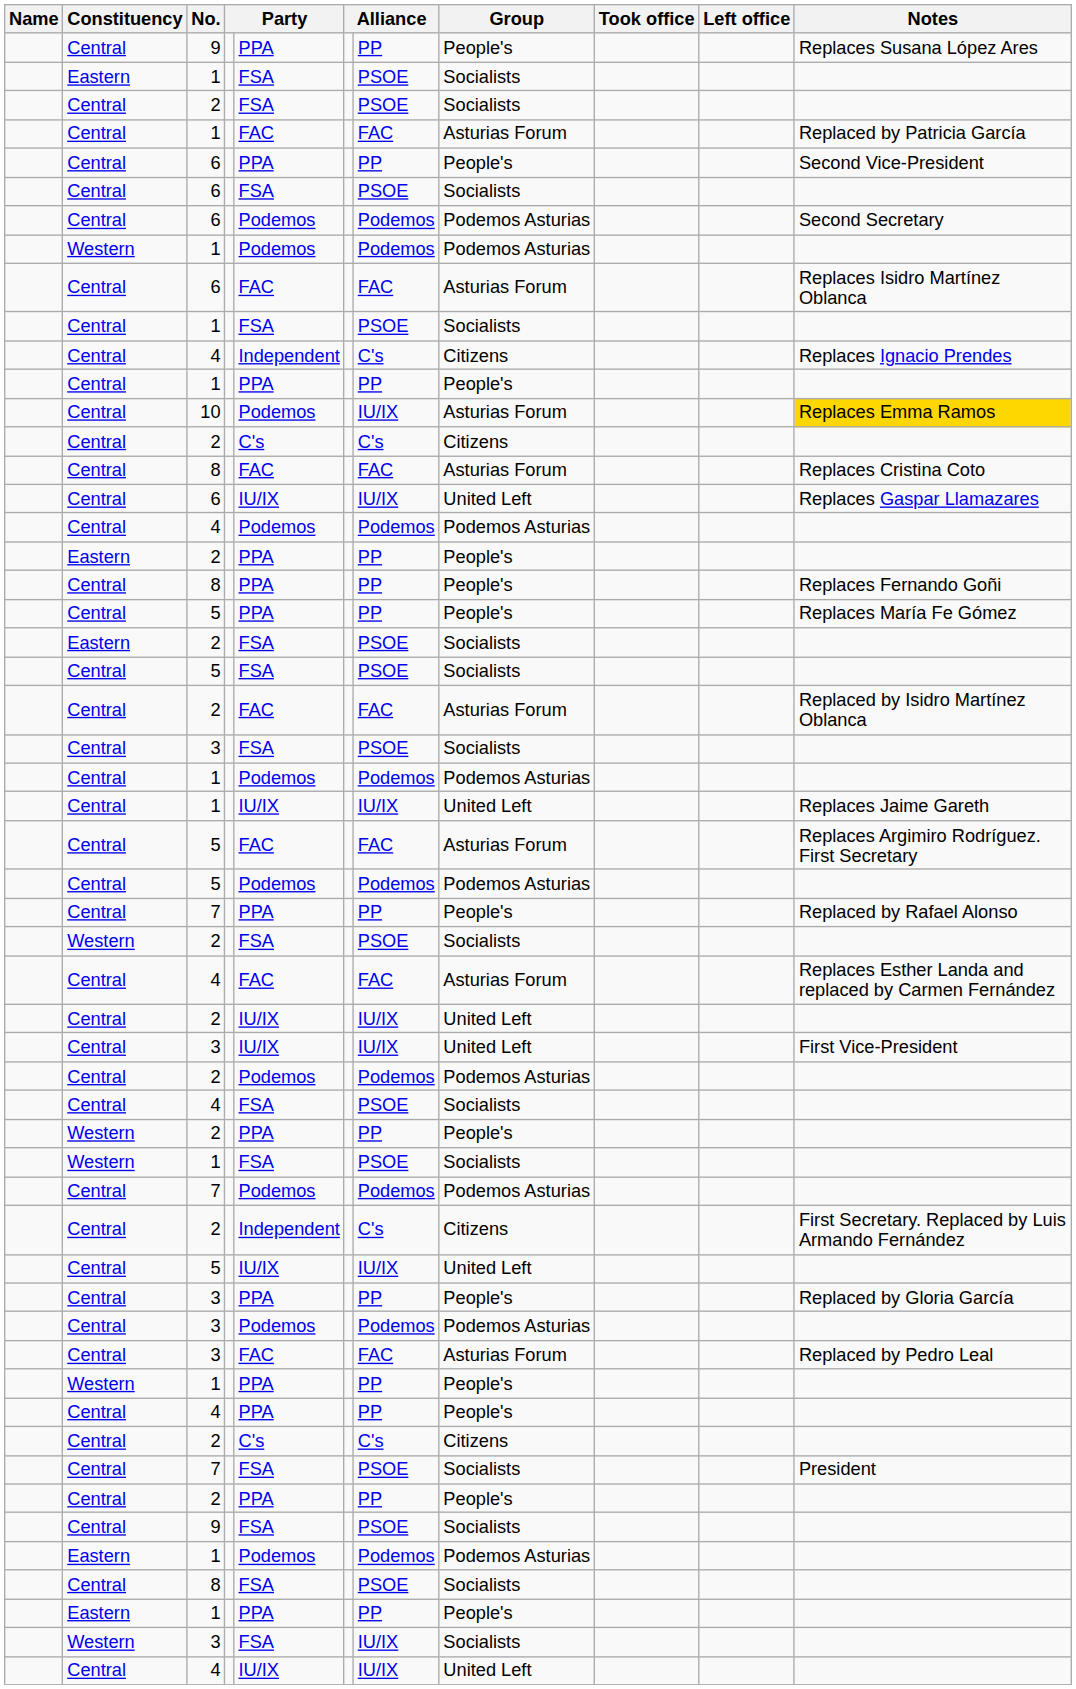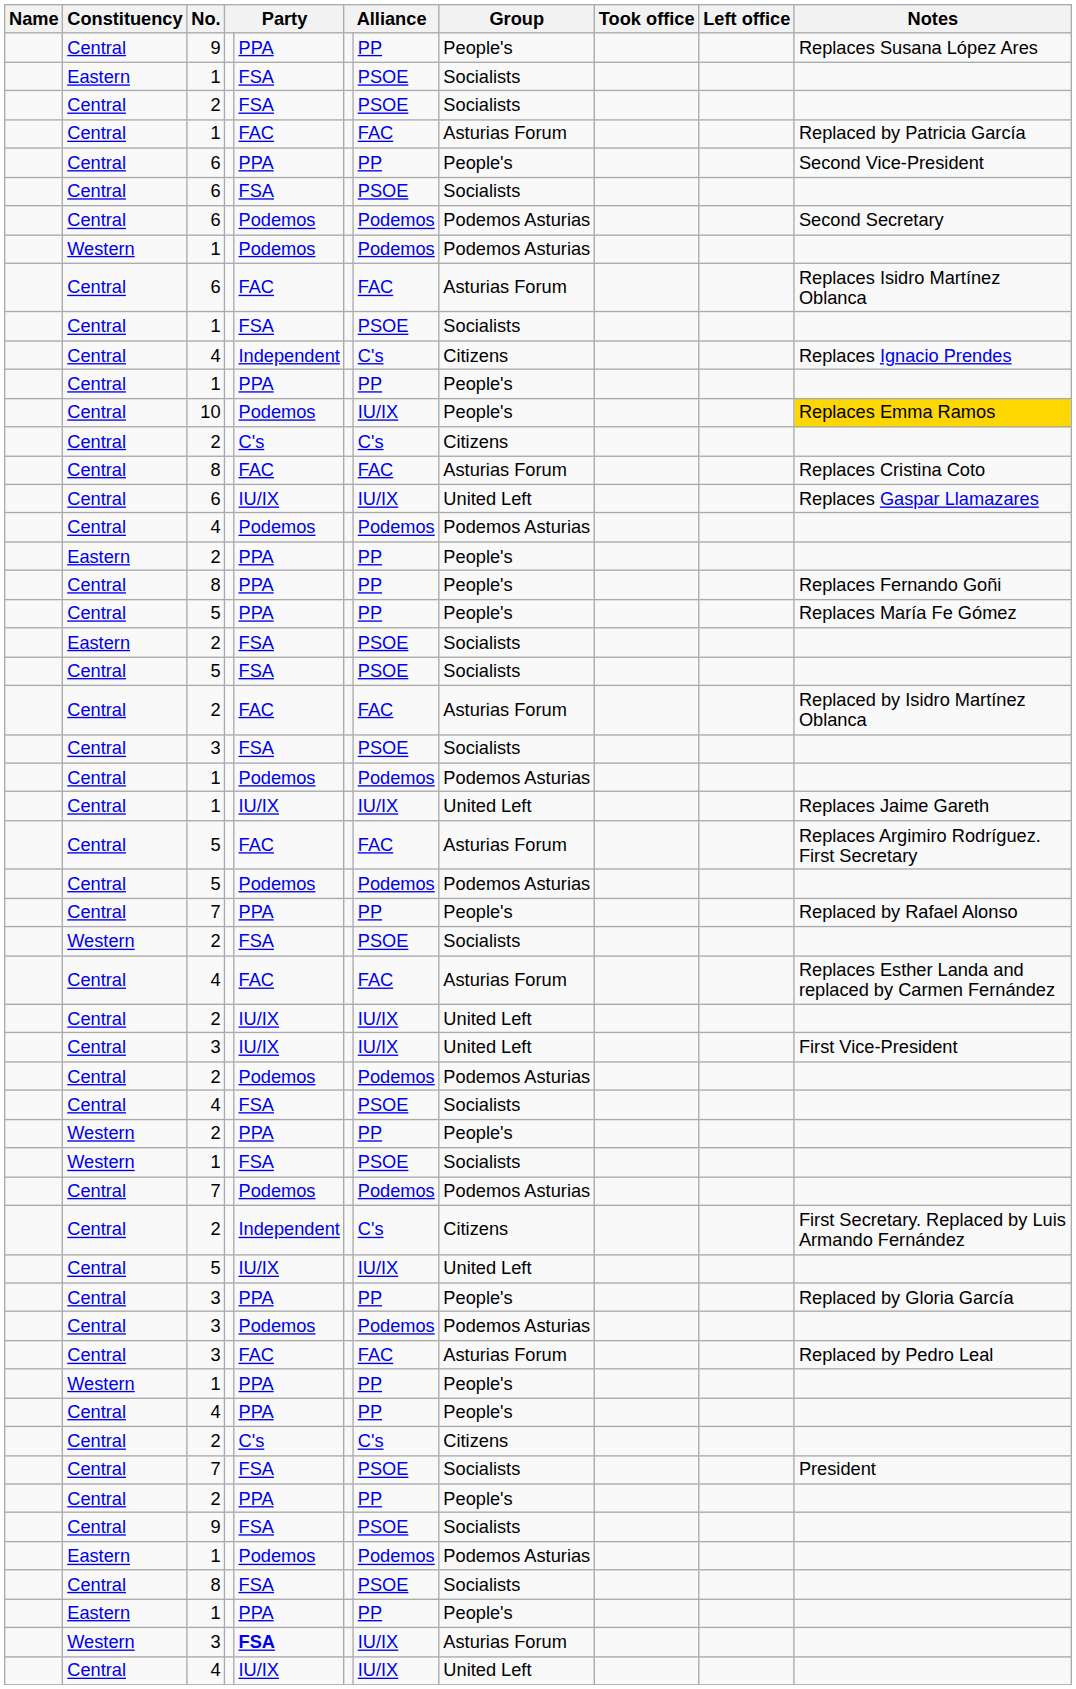 <table class="wikitable plainrowheaders sortable" style="font-size:85%; text-align:left;">
 <tr>
 <th scope=col>Name</th>
 <th scope=col>Constituency</th>
 <th scope=col>No.</th>
 <th scope=col colspan="2">Party</th>
 <th scope=col colspan="2">Alliance</th>
 <th scope=col>Group</th>
 <th scope=col>Took office</th>
 <th scope=col>Left office</th>
 <th scope=col width="200">Notes</th>
 </tr>
 <tr>
 <td></td>
 <td><a href='#'>Central</a></td>
 <td align=right>9</td>
 <td style="width:0.5px;background:"></td>
 <td><a href='#'>PPA</a></td>
 <td style="width:0.5px;background:"></td>
 <td><a href='#'>PP</a></td>
 <td>People's</td>
 <td align=center></td>
 <td align=center></td>
 <td>Replaces Susana López Ares</td>
 </tr>
 <tr>
 <td></td>
 <td><a href='#'>Eastern</a></td>
 <td align=right>1</td>
 <td style="background:"></td>
 <td><a href='#'>FSA</a></td>
 <td style="background:"></td>
 <td><a href='#'>PSOE</a></td>
 <td>Socialists</td>
 <td align=center></td>
 <td align=center></td>
 <td></td>
 </tr>
 <tr>
 <td></td>
 <td><a href='#'>Central</a></td>
 <td align=right>2</td>
 <td style="background:"></td>
 <td><a href='#'>FSA</a></td>
 <td style="background:"></td>
 <td><a href='#'>PSOE</a></td>
 <td>Socialists</td>
 <td align=center></td>
 <td align=center></td>
 <td></td>
 </tr>
 <tr>
 <td></td>
 <td><a href='#'>Central</a></td>
 <td align=right>1</td>
 <td style="background:"></td>
 <td><a href='#'>FAC</a></td>
 <td style="background:"></td>
 <td><a href='#'>FAC</a></td>
 <td>Asturias Forum</td>
 <td align=center></td>
 <td align=center></td>
 <td>Replaced by Patricia García</td>
 </tr>
 <tr>
 <td></td>
 <td><a href='#'>Central</a></td>
 <td align=right>6</td>
 <td style="background:"></td>
 <td><a href='#'>PPA</a></td>
 <td style="background:"></td>
 <td><a href='#'>PP</a></td>
 <td>People's</td>
 <td align=center></td>
 <td align=center></td>
 <td>Second Vice-President</td>
 </tr>
 <tr>
 <td></td>
 <td><a href='#'>Central</a></td>
 <td align=right>6</td>
 <td style="background:"></td>
 <td><a href='#'>FSA</a></td>
 <td style="background:"></td>
 <td><a href='#'>PSOE</a></td>
 <td>Socialists</td>
 <td align=center></td>
 <td align=center></td>
 <td></td>
 </tr>
 <tr>
 <td></td>
 <td><a href='#'>Central</a></td>
 <td align=right>6</td>
 <td style="background:"></td>
 <td><a href='#'>Podemos</a></td>
 <td style="background:"></td>
 <td><a href='#'>Podemos</a></td>
 <td>Podemos Asturias</td>
 <td align=center></td>
 <td align=center></td>
 <td>Second Secretary</td>
 </tr>
 <tr>
 <td></td>
 <td><a href='#'>Western</a></td>
 <td align=right>1</td>
 <td style="background:"></td>
 <td><a href='#'>Podemos</a></td>
 <td style="background:"></td>
 <td><a href='#'>Podemos</a></td>
 <td>Podemos Asturias</td>
 <td align=center></td>
 <td align=center></td>
 <td></td>
 </tr>
 <tr>
 <td></td>
 <td><a href='#'>Central</a></td>
 <td align=right>6</td>
 <td style="background:"></td>
 <td><a href='#'>FAC</a></td>
 <td style="background:"></td>
 <td><a href='#'>FAC</a></td>
 <td>Asturias Forum</td>
 <td align=center></td>
 <td align=center></td>
 <td>Replaces Isidro Martínez Oblanca</td>
 </tr>
 <tr>
 <td></td>
 <td><a href='#'>Central</a></td>
 <td align=right>1</td>
 <td style="background:"></td>
 <td><a href='#'>FSA</a></td>
 <td style="background:"></td>
 <td><a href='#'>PSOE</a></td>
 <td>Socialists</td>
 <td align=center></td>
 <td align=center></td>
 <td></td>
 </tr>
 <tr>
 <td></td>
 <td><a href='#'>Central</a></td>
 <td align=right>4</td>
 <td style="background:"></td>
 <td><a href='#'>Independent</a></td>
 <td style="background:"></td>
 <td><a href='#'>C's</a></td>
 <td>Citizens</td>
 <td align=center></td>
 <td align=center></td>
 <td>Replaces <a href='#'>Ignacio Prendes</a></td>
 </tr>
 <tr>
 <td></td>
 <td><a href='#'>Central</a></td>
 <td align=right>1</td>
 <td style="background:"></td>
 <td><a href='#'>PPA</a></td>
 <td style="background:"></td>
 <td><a href='#'>PP</a></td>
 <td>People's</td>
 <td align=center></td>
 <td align=center></td>
 <td></td>
 </tr>
 <tr>
 <td></td>
 <td><a href='#'>Central</a></td>
 <td align=right>10</td>
 <td style="background:"></td>
 <td><a href='#'>Podemos</a></td>
 <td style="background:"></td>
 <td><a href='#'>IU/IX</a></td>
-<td>Asturias Forum</td>
+<td>People's</td>
 <td align=center></td>
 <td align=center></td>
 <td style="background: gold;">Replaces Emma Ramos</td>
 </tr>
 <tr>
 <td></td>
 <td><a href='#'>Central</a></td>
 <td align=right>2</td>
 <td style="background:"></td>
 <td><a href='#'>C's</a></td>
 <td style="background:"></td>
 <td><a href='#'>C's</a></td>
 <td>Citizens</td>
 <td align=center></td>
 <td align=center></td>
 <td></td>
 </tr>
 <tr>
 <td></td>
 <td><a href='#'>Central</a></td>
 <td align=right>8</td>
 <td style="background:"></td>
 <td><a href='#'>FAC</a></td>
 <td style="background:"></td>
 <td><a href='#'>FAC</a></td>
 <td>Asturias Forum</td>
 <td align=center></td>
 <td align=center></td>
 <td>Replaces Cristina Coto</td>
 </tr>
 <tr>
 <td></td>
 <td><a href='#'>Central</a></td>
 <td align=right>6</td>
 <td style="background:"></td>
 <td><a href='#'>IU/IX</a></td>
 <td style="background:"></td>
 <td><a href='#'>IU/IX</a></td>
 <td>United Left</td>
 <td align=center></td>
 <td align=center></td>
 <td>Replaces <a href='#'>Gaspar Llamazares</a></td>
 </tr>
 <tr>
 <td></td>
 <td><a href='#'>Central</a></td>
 <td align=right>4</td>
 <td style="background:"></td>
 <td><a href='#'>Podemos</a></td>
 <td style="background:"></td>
 <td><a href='#'>Podemos</a></td>
 <td>Podemos Asturias</td>
 <td align=center></td>
 <td align=center></td>
 <td></td>
 </tr>
 <tr>
 <td></td>
 <td><a href='#'>Eastern</a></td>
 <td align=right>2</td>
 <td style="background:"></td>
 <td><a href='#'>PPA</a></td>
 <td style="background:"></td>
 <td><a href='#'>PP</a></td>
 <td>People's</td>
 <td align=center></td>
 <td align=center></td>
 <td></td>
 </tr>
 <tr>
 <td></td>
 <td><a href='#'>Central</a></td>
 <td align=right>8</td>
 <td style="background:"></td>
 <td><a href='#'>PPA</a></td>
 <td style="background:"></td>
 <td><a href='#'>PP</a></td>
 <td>People's</td>
 <td align=center></td>
 <td align=center></td>
 <td>Replaces Fernando Goñi</td>
 </tr>
 <tr>
 <td></td>
 <td><a href='#'>Central</a></td>
 <td align=right>5</td>
 <td style="background:"></td>
 <td><a href='#'>PPA</a></td>
 <td style="background:"></td>
 <td><a href='#'>PP</a></td>
 <td>People's</td>
 <td align=center></td>
 <td align=center></td>
 <td>Replaces María Fe Gómez</td>
 </tr>
 <tr>
 <td></td>
 <td><a href='#'>Eastern</a></td>
 <td align=right>2</td>
 <td style="background:"></td>
 <td><a href='#'>FSA</a></td>
 <td style="background:"></td>
 <td><a href='#'>PSOE</a></td>
 <td>Socialists</td>
 <td align=center></td>
 <td align=center></td>
 <td></td>
 </tr>
 <tr>
 <td></td>
 <td><a href='#'>Central</a></td>
 <td align=right>5</td>
 <td style="background:"></td>
 <td><a href='#'>FSA</a></td>
 <td style="background:"></td>
 <td><a href='#'>PSOE</a></td>
 <td>Socialists</td>
 <td align=center></td>
 <td align=center></td>
 <td></td>
 </tr>
 <tr>
 <td></td>
 <td><a href='#'>Central</a></td>
 <td align=right>2</td>
 <td style="background:"></td>
 <td><a href='#'>FAC</a></td>
 <td style="background:"></td>
 <td><a href='#'>FAC</a></td>
 <td>Asturias Forum</td>
 <td align=center></td>
 <td align=center></td>
 <td>Replaced by Isidro Martínez Oblanca</td>
 </tr>
 <tr>
 <td></td>
 <td><a href='#'>Central</a></td>
 <td align=right>3</td>
 <td style="background:"></td>
 <td><a href='#'>FSA</a></td>
 <td style="background:"></td>
 <td><a href='#'>PSOE</a></td>
 <td>Socialists</td>
 <td align=center></td>
 <td align=center></td>
 <td></td>
 </tr>
 <tr>
 <td></td>
 <td><a href='#'>Central</a></td>
 <td align=right>1</td>
 <td style="background:"></td>
 <td><a href='#'>Podemos</a></td>
 <td style="background:"></td>
 <td><a href='#'>Podemos</a></td>
 <td>Podemos Asturias</td>
 <td align=center></td>
 <td align=center></td>
 <td></td>
 </tr>
 <tr>
 <td></td>
 <td><a href='#'>Central</a></td>
 <td align=right>1</td>
 <td style="background:"></td>
 <td><a href='#'>IU/IX</a></td>
 <td style="background:"></td>
 <td><a href='#'>IU/IX</a></td>
 <td>United Left</td>
 <td align=center></td>
 <td align=center></td>
 <td>Replaces Jaime Gareth</td>
 </tr>
 <tr>
 <td></td>
 <td><a href='#'>Central</a></td>
 <td align=right>5</td>
 <td style="background:"></td>
 <td><a href='#'>FAC</a></td>
 <td style="background:"></td>
 <td><a href='#'>FAC</a></td>
 <td>Asturias Forum</td>
 <td align=center></td>
 <td align=center></td>
 <td>Replaces Argimiro Rodríguez. First Secretary</td>
 </tr>
 <tr>
 <td></td>
 <td><a href='#'>Central</a></td>
 <td align=right>5</td>
 <td style="background:"></td>
 <td><a href='#'>Podemos</a></td>
 <td style="background:"></td>
 <td><a href='#'>Podemos</a></td>
 <td>Podemos Asturias</td>
 <td align=center></td>
 <td align=center></td>
 <td></td>
 </tr>
 <tr>
 <td></td>
 <td><a href='#'>Central</a></td>
 <td align=right>7</td>
 <td style="background:"></td>
 <td><a href='#'>PPA</a></td>
 <td style="background:"></td>
 <td><a href='#'>PP</a></td>
 <td>People's</td>
 <td align=center></td>
 <td align=center></td>
 <td>Replaced by Rafael Alonso</td>
 </tr>
 <tr>
 <td></td>
 <td><a href='#'>Western</a></td>
 <td align=right>2</td>
 <td style="background:"></td>
 <td><a href='#'>FSA</a></td>
 <td style="background:"></td>
 <td><a href='#'>PSOE</a></td>
 <td>Socialists</td>
 <td align=center></td>
 <td align=center></td>
 <td></td>
 </tr>
 <tr>
 <td></td>
 <td><a href='#'>Central</a></td>
 <td align=right>4</td>
 <td style="background:"></td>
 <td><a href='#'>FAC</a></td>
 <td style="background:"></td>
 <td><a href='#'>FAC</a></td>
 <td>Asturias Forum</td>
 <td align=center></td>
 <td align=center></td>
 <td>Replaces Esther Landa and replaced by Carmen Fernández</td>
 </tr>
 <tr>
 <td></td>
 <td><a href='#'>Central</a></td>
 <td align=right>2</td>
 <td style="background:"></td>
 <td><a href='#'>IU/IX</a></td>
 <td style="background:"></td>
 <td><a href='#'>IU/IX</a></td>
 <td>United Left</td>
 <td align=center></td>
 <td align=center></td>
 <td></td>
 </tr>
 <tr>
 <td></td>
 <td><a href='#'>Central</a></td>
 <td align=right>3</td>
 <td style="background:"></td>
 <td><a href='#'>IU/IX</a></td>
 <td style="background:"></td>
 <td><a href='#'>IU/IX</a></td>
 <td>United Left</td>
 <td align=center></td>
 <td align=center></td>
 <td>First Vice-President</td>
 </tr>
 <tr>
 <td></td>
 <td><a href='#'>Central</a></td>
 <td align=right>2</td>
 <td style="background:"></td>
 <td><a href='#'>Podemos</a></td>
 <td style="background:"></td>
 <td><a href='#'>Podemos</a></td>
 <td>Podemos Asturias</td>
 <td align=center></td>
 <td align=center></td>
 <td></td>
 </tr>
 <tr>
 <td></td>
 <td><a href='#'>Central</a></td>
 <td align=right>4</td>
 <td style="background:"></td>
 <td><a href='#'>FSA</a></td>
 <td style="background:"></td>
 <td><a href='#'>PSOE</a></td>
 <td>Socialists</td>
 <td align=center></td>
 <td align=center></td>
 <td></td>
 </tr>
 <tr>
 <td></td>
 <td><a href='#'>Western</a></td>
 <td align=right>2</td>
 <td style="background:"></td>
 <td><a href='#'>PPA</a></td>
 <td style="background:"></td>
 <td><a href='#'>PP</a></td>
 <td>People's</td>
 <td align=center></td>
 <td align=center></td>
 <td></td>
 </tr>
 <tr>
 <td></td>
 <td><a href='#'>Western</a></td>
 <td align=right>1</td>
 <td style="background:"></td>
 <td><a href='#'>FSA</a></td>
 <td style="background:"></td>
 <td><a href='#'>PSOE</a></td>
 <td>Socialists</td>
 <td align=center></td>
 <td align=center></td>
 <td></td>
 </tr>
 <tr>
 <td></td>
 <td><a href='#'>Central</a></td>
 <td align=right>7</td>
 <td style="background:"></td>
 <td><a href='#'>Podemos</a></td>
 <td style="background:"></td>
 <td><a href='#'>Podemos</a></td>
 <td>Podemos Asturias</td>
 <td align=center></td>
 <td align=center></td>
 <td></td>
 </tr>
 <tr>
 <td></td>
 <td><a href='#'>Central</a></td>
 <td align=right>2</td>
 <td style="background:"></td>
 <td><a href='#'>Independent</a></td>
 <td style="background:"></td>
 <td><a href='#'>C's</a></td>
 <td>Citizens</td>
 <td align=center></td>
 <td align=center></td>
 <td>First Secretary. Replaced by Luis Armando Fernández</td>
 </tr>
 <tr>
 <td></td>
 <td><a href='#'>Central</a></td>
 <td align=right>5</td>
 <td style="background:"></td>
 <td><a href='#'>IU/IX</a></td>
 <td style="background:"></td>
 <td><a href='#'>IU/IX</a></td>
 <td>United Left</td>
 <td align=center></td>
 <td align=center></td>
 <td></td>
 </tr>
 <tr>
 <td></td>
 <td><a href='#'>Central</a></td>
 <td align=right>3</td>
 <td style="background:"></td>
 <td><a href='#'>PPA</a></td>
 <td style="background:"></td>
 <td><a href='#'>PP</a></td>
 <td>People's</td>
 <td align=center></td>
 <td align=center></td>
 <td>Replaced by Gloria García</td>
 </tr>
 <tr>
 <td></td>
 <td><a href='#'>Central</a></td>
 <td align=right>3</td>
 <td style="background:"></td>
 <td><a href='#'>Podemos</a></td>
 <td style="background:"></td>
 <td><a href='#'>Podemos</a></td>
 <td>Podemos Asturias</td>
 <td align=center></td>
 <td align=center></td>
 <td></td>
 </tr>
 <tr>
 <td></td>
 <td><a href='#'>Central</a></td>
 <td align=right>3</td>
 <td style="background:"></td>
 <td><a href='#'>FAC</a></td>
 <td style="background:"></td>
 <td><a href='#'>FAC</a></td>
 <td>Asturias Forum</td>
 <td align=center></td>
 <td align=center></td>
 <td>Replaced by Pedro Leal</td>
 </tr>
 <tr>
 <td></td>
 <td><a href='#'>Western</a></td>
 <td align=right>1</td>
 <td style="background:"></td>
 <td><a href='#'>PPA</a></td>
 <td style="background:"></td>
 <td><a href='#'>PP</a></td>
 <td>People's</td>
 <td align=center></td>
 <td align=center></td>
 <td></td>
 </tr>
 <tr>
 <td></td>
 <td><a href='#'>Central</a></td>
 <td align=right>4</td>
 <td style="background:"></td>
 <td><a href='#'>PPA</a></td>
 <td style="background:"></td>
 <td><a href='#'>PP</a></td>
 <td>People's</td>
 <td align=center></td>
 <td align=center></td>
 <td></td>
 </tr>
 <tr>
 <td></td>
 <td><a href='#'>Central</a></td>
 <td align=right>2</td>
 <td style="background:"></td>
 <td><a href='#'>C's</a></td>
 <td style="background:"></td>
 <td><a href='#'>C's</a></td>
 <td>Citizens</td>
 <td align=center></td>
 <td align=center></td>
 <td></td>
 </tr>
 <tr>
 <td></td>
 <td><a href='#'>Central</a></td>
 <td align=right>7</td>
 <td style="background:"></td>
 <td><a href='#'>FSA</a></td>
 <td style="background:"></td>
 <td><a href='#'>PSOE</a></td>
 <td>Socialists</td>
 <td align=center></td>
 <td align=center></td>
 <td>President</td>
 </tr>
 <tr>
 <td></td>
 <td><a href='#'>Central</a></td>
 <td align=right>2</td>
 <td style="background:"></td>
 <td><a href='#'>PPA</a></td>
 <td style="background:"></td>
 <td><a href='#'>PP</a></td>
 <td>People's</td>
 <td align=center></td>
 <td align=center></td>
 <td></td>
 </tr>
 <tr>
 <td></td>
 <td><a href='#'>Central</a></td>
 <td align=right>9</td>
 <td style="background:"></td>
 <td><a href='#'>FSA</a></td>
 <td style="background:"></td>
 <td><a href='#'>PSOE</a></td>
 <td>Socialists</td>
 <td align=center></td>
 <td align=center></td>
 <td></td>
 </tr>
 <tr>
 <td></td>
 <td><a href='#'>Eastern</a></td>
 <td align=right>1</td>
 <td style="background:"></td>
 <td><a href='#'>Podemos</a></td>
 <td style="background:"></td>
 <td><a href='#'>Podemos</a></td>
 <td>Podemos Asturias</td>
 <td align=center></td>
 <td align=center></td>
 <td></td>
 </tr>
 <tr>
 <td></td>
 <td><a href='#'>Central</a></td>
 <td align=right>8</td>
 <td style="background:"></td>
 <td><a href='#'>FSA</a></td>
 <td style="background:"></td>
 <td><a href='#'>PSOE</a></td>
 <td>Socialists</td>
 <td align=center></td>
 <td align=center></td>
 <td></td>
 </tr>
 <tr>
 <td></td>
 <td><a href='#'>Eastern</a></td>
 <td align=right>1</td>
 <td style="background:"></td>
 <td><a href='#'>PPA</a></td>
 <td style="background:"></td>
 <td><a href='#'>PP</a></td>
 <td>People's</td>
 <td align=center></td>
 <td align=center></td>
 <td></td>
 </tr>
 <tr>
 <td></td>
 <td><a href='#'>Western</a></td>
 <td align=right>3</td>
 <td style="background:"></td>
-<td><a href='#'>FSA</a></td>
+<td><strong><a href='#'>FSA</a></strong></td>
 <td style="background:"></td>
 <td><a href='#'>IU/IX</a></td>
-<td>Socialists</td>
+<td>Asturias Forum</td>
 <td align=center></td>
 <td align=center></td>
 <td></td>
 </tr>
 <tr>
 <td></td>
 <td><a href='#'>Central</a></td>
 <td align=right>4</td>
 <td style="background:"></td>
 <td><a href='#'>IU/IX</a></td>
 <td style="background:"></td>
 <td><a href='#'>IU/IX</a></td>
 <td>United Left</td>
 <td align=center></td>
 <td align=center></td>
 <td></td>
 </tr>
 <tr>
 </tr>
 </table>
